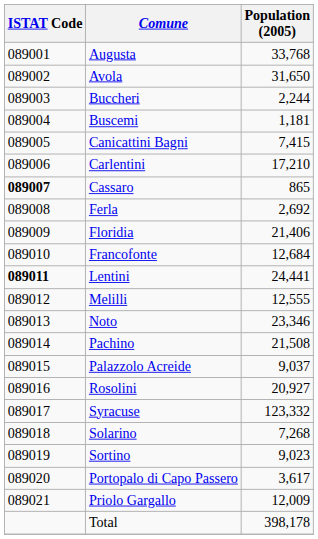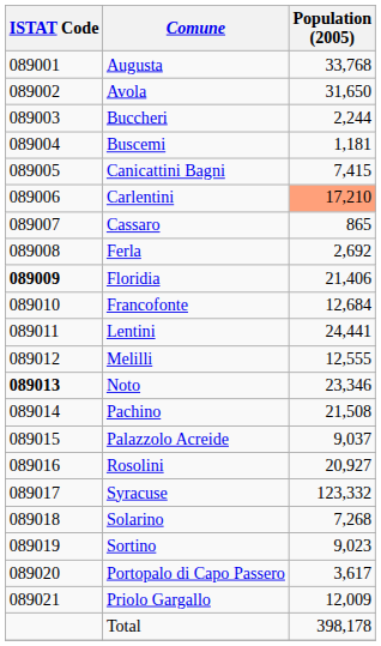 <table class="wikitable sortable">
 <tr>
 <th><a href='#'>ISTAT</a> Code</th>
 <th><em><a href='#'>Comune</a></em></th>
 <th>Population <br>(2005)</th>
 </tr>
 <tr>
 <td>089001</td>
 <td><a href='#'>Augusta</a></td>
 <td align="right">33,768</td>
 </tr>
 <tr>
 <td>089002</td>
 <td><a href='#'>Avola</a></td>
 <td align="right">31,650</td>
 </tr>
 <tr>
 <td>089003</td>
 <td><a href='#'>Buccheri</a></td>
 <td align="right">2,244</td>
 </tr>
 <tr>
 <td>089004</td>
 <td><a href='#'>Buscemi</a></td>
 <td align="right">1,181</td>
 </tr>
 <tr>
 <td>089005</td>
 <td><a href='#'>Canicattini Bagni</a></td>
 <td align="right">7,415</td>
 </tr>
 <tr>
 <td>089006</td>
 <td><a href='#'>Carlentini</a></td>
-<td align="right">17,210</td>
+<td align="right" style="background: lightsalmon;">17,210</td>
 </tr>
 <tr>
-<td><strong>089007</strong></td>
+<td>089007</td>
 <td><a href='#'>Cassaro</a></td>
 <td align="right">865</td>
 </tr>
 <tr>
 <td>089008</td>
 <td><a href='#'>Ferla</a></td>
 <td align="right">2,692</td>
 </tr>
 <tr>
-<td>089009</td>
+<td><strong>089009</strong></td>
 <td><a href='#'>Floridia</a></td>
 <td align="right">21,406</td>
 </tr>
 <tr>
 <td>089010</td>
 <td><a href='#'>Francofonte</a></td>
 <td align="right">12,684</td>
 </tr>
 <tr>
-<td><strong>089011</strong></td>
+<td>089011</td>
 <td><a href='#'>Lentini</a></td>
 <td align="right">24,441</td>
 </tr>
 <tr>
 <td>089012</td>
 <td><a href='#'>Melilli</a></td>
 <td align="right">12,555</td>
 </tr>
 <tr>
-<td>089013</td>
+<td><strong>089013</strong></td>
 <td><a href='#'>Noto</a></td>
 <td align="right">23,346</td>
 </tr>
 <tr>
 <td>089014</td>
 <td><a href='#'>Pachino</a></td>
 <td align="right">21,508</td>
 </tr>
 <tr>
 <td>089015</td>
 <td><a href='#'>Palazzolo Acreide</a></td>
 <td align="right">9,037</td>
 </tr>
 <tr>
 <td>089016</td>
 <td><a href='#'>Rosolini</a></td>
 <td align="right">20,927</td>
 </tr>
 <tr>
 <td>089017</td>
 <td><a href='#'>Syracuse</a></td>
 <td align="right">123,332</td>
 </tr>
 <tr>
 <td>089018</td>
 <td><a href='#'>Solarino</a></td>
 <td align="right">7,268</td>
 </tr>
 <tr>
 <td>089019</td>
 <td><a href='#'>Sortino</a></td>
 <td align="right">9,023</td>
 </tr>
 <tr>
 <td>089020</td>
 <td><a href='#'>Portopalo di Capo Passero</a></td>
 <td align="right">3,617</td>
 </tr>
 <tr>
 <td>089021</td>
 <td><a href='#'>Priolo Gargallo</a></td>
 <td align="right">12,009</td>
 </tr>
 <tr>
 <td></td>
 <td>Total</td>
 <td align="right">398,178</td>
 </tr>
 <tr>
 </tr>
 </table>
